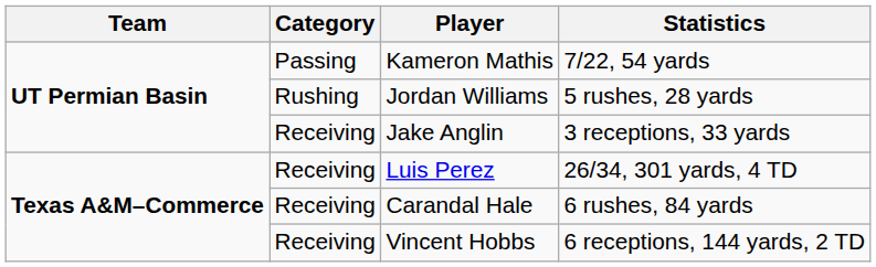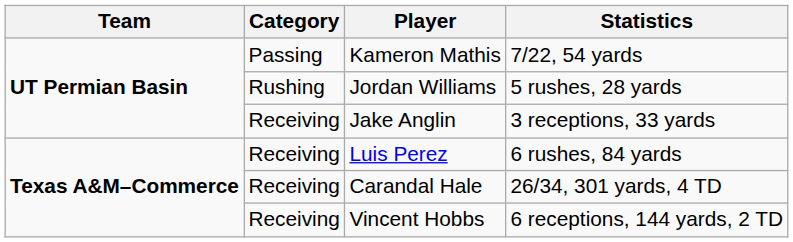 <table class="wikitable" style="float: right;">
 <tr>
 <th>Team</th>
 <th>Category</th>
 <th>Player</th>
 <th>Statistics</th>
 </tr>
 <tr>
 <td rowspan=3><strong>UT Permian Basin</strong></td>
 <td>Passing</td>
 <td>Kameron Mathis</td>
 <td>7/22, 54 yards</td>
 </tr>
 <tr>
 <td>Rushing</td>
 <td>Jordan Williams</td>
 <td>5 rushes, 28 yards</td>
 </tr>
 <tr>
 <td>Receiving</td>
 <td>Jake Anglin</td>
 <td>3 receptions, 33 yards</td>
 </tr>
 <tr>
 <td rowspan=3><strong>Texas A&M–Commerce</strong></td>
 <td>Receiving</td>
 <td><a href='#'>Luis Perez</a></td>
-<td>26/34, 301 yards, 4 TD</td>
+<td>6 rushes, 84 yards</td>
 </tr>
 <tr>
 <td>Receiving</td>
 <td>Carandal Hale</td>
-<td>6 rushes, 84 yards</td>
+<td>26/34, 301 yards, 4 TD</td>
 </tr>
 <tr>
 <td>Receiving</td>
 <td>Vincent Hobbs</td>
 <td>6 receptions, 144 yards, 2 TD</td>
 </tr>
 </table>
